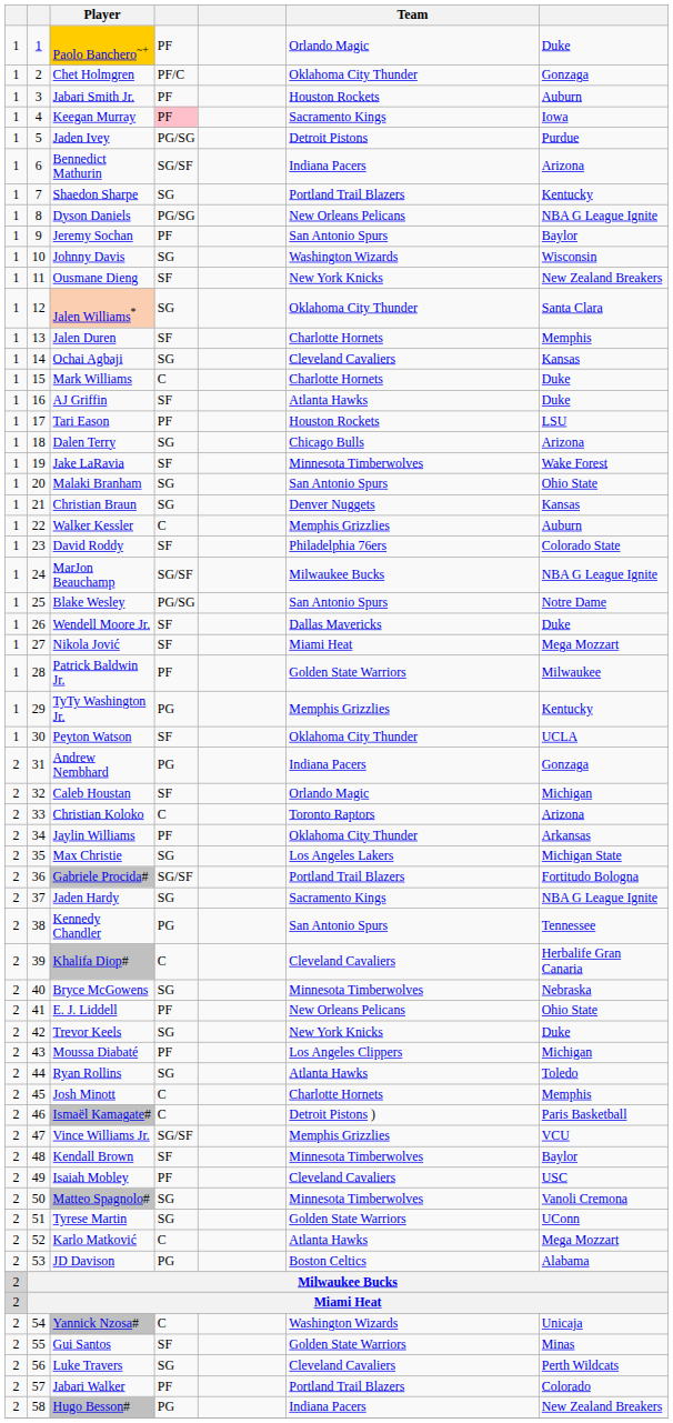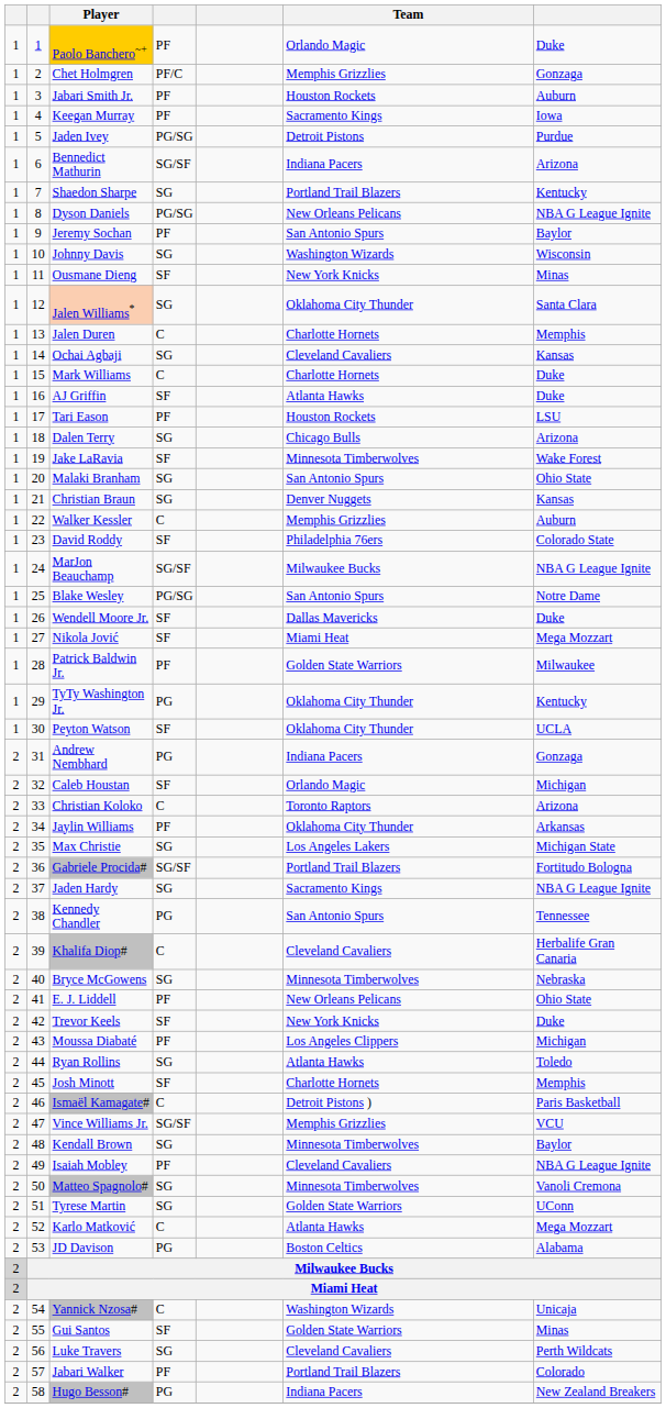 <table class="wikitable sortable plainrowheaders" style="text-align:left">
 <tr>
 <th scope="col" style="width:20px;"></th>
 <th scope="col" style="width:20px;"></th>
 <th scope="col" style="width:120px;">Player</th>
 <th scope="col" style="width:20px;"></th>
 <th scope="col" style="width:100px;"></th>
 <th scope="col" style="width:300px;">Team</th>
 <th scope="col" style="width:150px;"></th>
 </tr>
 <tr>
 <td style="text-align:center;">1</td>
 <td style="text-align:center;"><a href='#'>1</a></td>
 <td bgcolor="#FFCC00"><br><a href='#'>Paolo Banchero</a><sup>~+</sup></td>
 <td>PF</td>
 <td></td>
 <td><a href='#'>Orlando Magic</a></td>
 <td><a href='#'>Duke</a> </td>
 </tr>
 <tr>
 <td style="text-align:center;">1</td>
 <td style="text-align:center;">2</td>
 <td><a href='#'>Chet Holmgren</a></td>
 <td>PF/C</td>
 <td></td>
-<td><a href='#'>Oklahoma City Thunder</a></td>
+<td><a href='#'>Memphis Grizzlies</a> </td>
 <td><a href='#'>Gonzaga</a> </td>
 </tr>
 <tr>
 <td style="text-align:center;">1</td>
 <td style="text-align:center;">3</td>
 <td><a href='#'>Jabari Smith Jr.</a></td>
 <td>PF</td>
 <td></td>
 <td><a href='#'>Houston Rockets</a></td>
 <td><a href='#'>Auburn</a> </td>
 </tr>
 <tr>
 <td style="text-align:center;">1</td>
 <td style="text-align:center;">4</td>
 <td><a href='#'>Keegan Murray</a></td>
-<td style="background: pink;">PF</td>
+<td>PF</td>
 <td></td>
 <td><a href='#'>Sacramento Kings</a></td>
 <td><a href='#'>Iowa</a> </td>
 </tr>
 <tr>
 <td style="text-align:center;">1</td>
 <td style="text-align:center;">5</td>
 <td><a href='#'>Jaden Ivey</a></td>
 <td>PG/SG</td>
 <td></td>
 <td><a href='#'>Detroit Pistons</a></td>
 <td><a href='#'>Purdue</a> </td>
 </tr>
 <tr>
 <td style="text-align:center;">1</td>
 <td style="text-align:center;">6</td>
 <td><a href='#'>Bennedict Mathurin</a></td>
 <td>SG/SF</td>
 <td></td>
 <td><a href='#'>Indiana Pacers</a></td>
 <td><a href='#'>Arizona</a> </td>
 </tr>
 <tr>
 <td style="text-align:center;">1</td>
 <td style="text-align:center;">7</td>
 <td><a href='#'>Shaedon Sharpe</a></td>
 <td>SG</td>
 <td></td>
 <td><a href='#'>Portland Trail Blazers</a></td>
 <td><a href='#'>Kentucky</a> </td>
 </tr>
 <tr>
 <td style="text-align:center;">1</td>
 <td style="text-align:center;">8</td>
 <td><a href='#'>Dyson Daniels</a></td>
 <td>PG/SG</td>
 <td></td>
 <td><a href='#'>New Orleans Pelicans</a> </td>
 <td><a href='#'>NBA G League Ignite</a> </td>
 </tr>
 <tr>
 <td style="text-align:center;">1</td>
 <td style="text-align:center;">9</td>
 <td><a href='#'>Jeremy Sochan</a></td>
 <td>PF</td>
 <td></td>
 <td><a href='#'>San Antonio Spurs</a></td>
 <td><a href='#'>Baylor</a> </td>
 </tr>
 <tr>
 <td style="text-align:center;">1</td>
 <td style="text-align:center;">10</td>
 <td><a href='#'>Johnny Davis</a></td>
 <td>SG</td>
 <td></td>
 <td><a href='#'>Washington Wizards</a></td>
 <td><a href='#'>Wisconsin</a> </td>
 </tr>
 <tr>
 <td style="text-align:center;">1</td>
 <td style="text-align:center;">11</td>
 <td><a href='#'>Ousmane Dieng</a></td>
 <td>SF</td>
 <td></td>
 <td><a href='#'>New York Knicks</a> </td>
-<td><a href='#'>New Zealand Breakers</a> </td>
+<td><a href='#'>Minas</a> </td>
 </tr>
 <tr>
 <td style="text-align:center;">1</td>
 <td style="text-align:center;">12</td>
 <td bgcolor="#FBCEB1"><br><a href='#'>Jalen Williams</a><sup>*</sup></td>
 <td>SG</td>
 <td></td>
 <td><a href='#'>Oklahoma City Thunder</a> </td>
 <td><a href='#'>Santa Clara</a> </td>
 </tr>
 <tr>
 <td style="text-align:center;">1</td>
 <td style="text-align:center;">13</td>
 <td><a href='#'>Jalen Duren</a></td>
-<td>SF</td>
+<td>C</td>
 <td></td>
 <td><a href='#'>Charlotte Hornets</a> </td>
 <td><a href='#'>Memphis</a> </td>
 </tr>
 <tr>
 <td style="text-align:center;">1</td>
 <td style="text-align:center;">14</td>
 <td><a href='#'>Ochai Agbaji</a></td>
 <td>SG</td>
 <td></td>
 <td><a href='#'>Cleveland Cavaliers</a></td>
 <td><a href='#'>Kansas</a> </td>
 </tr>
 <tr>
 <td style="text-align:center;">1</td>
 <td style="text-align:center;">15</td>
 <td><a href='#'>Mark Williams</a></td>
 <td>C</td>
 <td></td>
 <td><a href='#'>Charlotte Hornets</a> </td>
 <td><a href='#'>Duke</a> </td>
 </tr>
 <tr>
 <td style="text-align:center;">1</td>
 <td style="text-align:center;">16</td>
 <td><a href='#'>AJ Griffin</a></td>
 <td>SF</td>
 <td></td>
 <td><a href='#'>Atlanta Hawks</a></td>
 <td><a href='#'>Duke</a> </td>
 </tr>
 <tr>
 <td style="text-align:center;">1</td>
 <td style="text-align:center;">17</td>
 <td><a href='#'>Tari Eason</a></td>
 <td>PF</td>
 <td></td>
 <td><a href='#'>Houston Rockets</a> </td>
 <td><a href='#'>LSU</a> </td>
 </tr>
 <tr>
 <td style="text-align:center;">1</td>
 <td style="text-align:center;">18</td>
 <td><a href='#'>Dalen Terry</a></td>
 <td>SG</td>
 <td></td>
 <td><a href='#'>Chicago Bulls</a></td>
 <td><a href='#'>Arizona</a> </td>
 </tr>
 <tr>
 <td style="text-align:center;">1</td>
 <td style="text-align:center;">19</td>
 <td><a href='#'>Jake LaRavia</a></td>
 <td>SF</td>
 <td></td>
 <td><a href='#'>Minnesota Timberwolves</a> </td>
 <td><a href='#'>Wake Forest</a> </td>
 </tr>
 <tr>
 <td style="text-align:center;">1</td>
 <td style="text-align:center;">20</td>
 <td><a href='#'>Malaki Branham</a></td>
 <td>SG</td>
 <td></td>
 <td><a href='#'>San Antonio Spurs</a> </td>
 <td><a href='#'>Ohio State</a> </td>
 </tr>
 <tr>
 <td style="text-align:center;">1</td>
 <td style="text-align:center;">21</td>
 <td><a href='#'>Christian Braun</a></td>
 <td>SG</td>
 <td></td>
 <td><a href='#'>Denver Nuggets</a></td>
 <td><a href='#'>Kansas</a> </td>
 </tr>
 <tr>
 <td style="text-align:center;">1</td>
 <td style="text-align:center;">22</td>
 <td><a href='#'>Walker Kessler</a></td>
 <td>C</td>
 <td></td>
 <td><a href='#'>Memphis Grizzlies</a> </td>
 <td><a href='#'>Auburn</a> </td>
 </tr>
 <tr>
 <td style="text-align:center;">1</td>
 <td style="text-align:center;">23</td>
 <td><a href='#'>David Roddy</a></td>
 <td>SF</td>
 <td></td>
 <td><a href='#'>Philadelphia 76ers</a> </td>
 <td><a href='#'>Colorado State</a> </td>
 </tr>
 <tr>
 <td style="text-align:center;">1</td>
 <td style="text-align:center;">24</td>
 <td><a href='#'>MarJon Beauchamp</a></td>
 <td>SG/SF</td>
 <td></td>
 <td><a href='#'>Milwaukee Bucks</a> </td>
 <td><a href='#'>NBA G League Ignite</a> </td>
 </tr>
 <tr>
 <td style="text-align:center;">1</td>
 <td style="text-align:center;">25</td>
 <td><a href='#'>Blake Wesley</a></td>
 <td>PG/SG</td>
 <td></td>
 <td><a href='#'>San Antonio Spurs</a> </td>
 <td><a href='#'>Notre Dame</a> </td>
 </tr>
 <tr>
 <td style="text-align:center;">1</td>
 <td style="text-align:center;">26</td>
 <td><a href='#'>Wendell Moore Jr.</a></td>
 <td>SF</td>
 <td></td>
 <td><a href='#'>Dallas Mavericks</a> </td>
 <td><a href='#'>Duke</a> </td>
 </tr>
 <tr>
 <td style="text-align:center;">1</td>
 <td style="text-align:center;">27</td>
 <td><a href='#'>Nikola Jović</a></td>
 <td>SF</td>
 <td></td>
 <td><a href='#'>Miami Heat</a></td>
 <td><a href='#'>Mega Mozzart</a> </td>
 </tr>
 <tr>
 <td style="text-align:center;">1</td>
 <td style="text-align:center;">28</td>
 <td><a href='#'>Patrick Baldwin Jr.</a></td>
 <td>PF</td>
 <td></td>
 <td><a href='#'>Golden State Warriors</a></td>
 <td><a href='#'>Milwaukee</a> </td>
 </tr>
 <tr>
 <td style="text-align:center;">1</td>
 <td style="text-align:center;">29</td>
 <td><a href='#'>TyTy Washington Jr.</a></td>
 <td>PG</td>
 <td></td>
-<td><a href='#'>Memphis Grizzlies</a> </td>
+<td><a href='#'>Oklahoma City Thunder</a></td>
 <td><a href='#'>Kentucky</a> </td>
 </tr>
 <tr>
 <td style="text-align:center;">1</td>
 <td style="text-align:center;">30</td>
 <td><a href='#'>Peyton Watson</a></td>
 <td>SF</td>
 <td></td>
 <td><a href='#'>Oklahoma City Thunder</a> </td>
 <td><a href='#'>UCLA</a> </td>
 </tr>
 <tr>
 <td style="text-align:center;">2</td>
 <td style="text-align:center;">31</td>
 <td><a href='#'>Andrew Nembhard</a></td>
 <td>PG</td>
 <td></td>
 <td><a href='#'>Indiana Pacers</a> </td>
 <td><a href='#'>Gonzaga</a> </td>
 </tr>
 <tr>
 <td style="text-align:center;">2</td>
 <td style="text-align:center;">32</td>
 <td><a href='#'>Caleb Houstan</a></td>
 <td>SF</td>
 <td></td>
 <td><a href='#'>Orlando Magic</a></td>
 <td><a href='#'>Michigan</a> </td>
 </tr>
 <tr>
 <td style="text-align:center;">2</td>
 <td style="text-align:center;">33</td>
 <td><a href='#'>Christian Koloko</a></td>
 <td>C</td>
 <td></td>
 <td><a href='#'>Toronto Raptors</a> </td>
 <td><a href='#'>Arizona</a> </td>
 </tr>
 <tr>
 <td style="text-align:center;">2</td>
 <td style="text-align:center;">34</td>
 <td><a href='#'>Jaylin Williams</a></td>
 <td>PF</td>
 <td></td>
 <td><a href='#'>Oklahoma City Thunder</a></td>
 <td><a href='#'>Arkansas</a> </td>
 </tr>
 <tr>
 <td style="text-align:center;">2</td>
 <td style="text-align:center;">35</td>
 <td><a href='#'>Max Christie</a></td>
 <td>SG</td>
 <td></td>
 <td><a href='#'>Los Angeles Lakers</a> </td>
 <td><a href='#'>Michigan State</a> </td>
 </tr>
 <tr>
 <td style="text-align:center;">2</td>
 <td style="text-align:center;">36</td>
 <td bgcolor="C0C0C0"><a href='#'>Gabriele Procida</a>#</td>
 <td>SG/SF</td>
 <td></td>
 <td><a href='#'>Portland Trail Blazers</a> </td>
 <td><a href='#'>Fortitudo Bologna</a> </td>
 </tr>
 <tr>
 <td style="text-align:center;">2</td>
 <td style="text-align:center;">37</td>
 <td><a href='#'>Jaden Hardy</a></td>
 <td>SG</td>
 <td></td>
 <td><a href='#'>Sacramento Kings</a> </td>
 <td><a href='#'>NBA G League Ignite</a> </td>
 </tr>
 <tr>
 <td style="text-align:center;">2</td>
 <td style="text-align:center;">38</td>
 <td><a href='#'>Kennedy Chandler</a></td>
 <td>PG</td>
 <td></td>
 <td><a href='#'>San Antonio Spurs</a> </td>
 <td><a href='#'>Tennessee</a> </td>
 </tr>
 <tr>
 <td style="text-align:center;">2</td>
 <td style="text-align:center;">39</td>
 <td bgcolor="C0C0C0"><a href='#'>Khalifa Diop</a>#</td>
 <td>C</td>
 <td></td>
 <td><a href='#'>Cleveland Cavaliers</a> </td>
 <td><a href='#'>Herbalife Gran Canaria</a> </td>
 </tr>
 <tr>
 <td style="text-align:center;">2</td>
 <td style="text-align:center;">40</td>
 <td><a href='#'>Bryce McGowens</a></td>
 <td>SG</td>
 <td></td>
 <td><a href='#'>Minnesota Timberwolves</a> </td>
 <td><a href='#'>Nebraska</a> </td>
 </tr>
 <tr>
 <td style="text-align:center;">2</td>
 <td style="text-align:center;">41</td>
 <td><a href='#'>E. J. Liddell</a></td>
 <td>PF</td>
 <td></td>
 <td><a href='#'>New Orleans Pelicans</a></td>
 <td><a href='#'>Ohio State</a> </td>
 </tr>
 <tr>
 <td style="text-align:center;">2</td>
 <td style="text-align:center;">42</td>
 <td><a href='#'>Trevor Keels</a></td>
-<td>SG</td>
+<td>SF</td>
 <td></td>
 <td><a href='#'>New York Knicks</a></td>
 <td><a href='#'>Duke</a> </td>
 </tr>
 <tr>
 <td style="text-align:center;">2</td>
 <td style="text-align:center;">43</td>
 <td><a href='#'>Moussa Diabaté</a></td>
 <td>PF</td>
 <td></td>
 <td><a href='#'>Los Angeles Clippers</a></td>
 <td><a href='#'>Michigan</a> </td>
 </tr>
 <tr>
 <td style="text-align:center;">2</td>
 <td style="text-align:center;">44</td>
 <td><a href='#'>Ryan Rollins</a></td>
 <td>SG</td>
 <td></td>
 <td><a href='#'>Atlanta Hawks</a> </td>
 <td><a href='#'>Toledo</a> </td>
 </tr>
 <tr>
 <td style="text-align:center;">2</td>
 <td style="text-align:center;">45</td>
 <td><a href='#'>Josh Minott</a></td>
-<td>C</td>
+<td>SF</td>
 <td></td>
 <td><a href='#'>Charlotte Hornets</a> </td>
 <td><a href='#'>Memphis</a> </td>
 </tr>
 <tr>
 <td style="text-align:center;">2</td>
 <td style="text-align:center;">46</td>
 <td bgcolor="C0C0C0"><a href='#'>Ismaël Kamagate</a>#</td>
 <td>C</td>
 <td></td>
 <td><a href='#'>Detroit Pistons</a> )</td>
 <td><a href='#'>Paris Basketball</a> </td>
 </tr>
 <tr>
 <td style="text-align:center;">2</td>
 <td style="text-align:center;">47</td>
 <td><a href='#'>Vince Williams Jr.</a></td>
 <td>SG/SF</td>
 <td></td>
 <td><a href='#'>Memphis Grizzlies</a> </td>
 <td><a href='#'>VCU</a> </td>
 </tr>
 <tr>
 <td style="text-align:center;">2</td>
 <td style="text-align:center;">48</td>
 <td><a href='#'>Kendall Brown</a></td>
-<td>SF</td>
+<td>SG</td>
 <td></td>
 <td><a href='#'>Minnesota Timberwolves</a> </td>
 <td><a href='#'>Baylor</a> </td>
 </tr>
 <tr>
 <td style="text-align:center;">2</td>
 <td style="text-align:center;">49</td>
 <td><a href='#'>Isaiah Mobley</a></td>
 <td>PF</td>
 <td></td>
 <td><a href='#'>Cleveland Cavaliers</a> </td>
-<td><a href='#'>USC</a> </td>
+<td><a href='#'>NBA G League Ignite</a> </td>
 </tr>
 <tr>
 <td style="text-align:center;">2</td>
 <td style="text-align:center;">50</td>
 <td bgcolor="C0C0C0"><a href='#'>Matteo Spagnolo</a>#</td>
 <td>SG</td>
 <td></td>
 <td><a href='#'>Minnesota Timberwolves</a> </td>
 <td><a href='#'>Vanoli Cremona</a> </td>
 </tr>
 <tr>
 <td style="text-align:center;">2</td>
 <td style="text-align:center;">51</td>
 <td><a href='#'>Tyrese Martin</a></td>
 <td>SG</td>
 <td></td>
 <td><a href='#'>Golden State Warriors</a> </td>
 <td><a href='#'>UConn</a> </td>
 </tr>
 <tr>
 <td style="text-align:center;">2</td>
 <td style="text-align:center;">52</td>
 <td><a href='#'>Karlo Matković</a></td>
 <td>C</td>
 <td></td>
 <td><a href='#'>Atlanta Hawks</a></td>
 <td><a href='#'>Mega Mozzart</a> </td>
 </tr>
 <tr>
 <td style="text-align:center;">2</td>
 <td style="text-align:center;">53</td>
 <td><a href='#'>JD Davison</a></td>
 <td>PG</td>
 <td></td>
 <td><a href='#'>Boston Celtics</a></td>
 <td><a href='#'>Alabama</a> </td>
 </tr>
 <tr bgcolor="lightgray">
 <td style="text-align:center;">2 </td>
 <th scope="row" colspan="6" style="text-align:center;”"><a href='#'>Milwaukee Bucks</a> </th>
 </tr>
 <tr bgcolor="lightgray">
 <td style="text-align:center;">2 </td>
 <th scope="row" colspan="6" style="text-align:center;”"><a href='#'>Miami Heat</a> </th>
 </tr>
 <tr>
 <td style="text-align:center;">2</td>
 <td style="text-align:center;">54</td>
 <td bgcolor="C0C0C0"><a href='#'>Yannick Nzosa</a>#</td>
 <td>C</td>
 <td></td>
 <td><a href='#'>Washington Wizards</a> </td>
 <td><a href='#'>Unicaja</a> </td>
 </tr>
 <tr>
 <td style="text-align:center;">2</td>
 <td style="text-align:center;">55</td>
 <td><a href='#'>Gui Santos</a></td>
 <td>SF</td>
 <td></td>
 <td><a href='#'>Golden State Warriors</a></td>
 <td><a href='#'>Minas</a> </td>
 </tr>
 <tr>
 <td style="text-align:center;">2</td>
 <td style="text-align:center;">56</td>
 <td><a href='#'>Luke Travers</a></td>
 <td>SG</td>
 <td></td>
 <td><a href='#'>Cleveland Cavaliers</a> </td>
 <td><a href='#'>Perth Wildcats</a> </td>
 </tr>
 <tr>
 <td style="text-align:center;">2</td>
 <td style="text-align:center;">57</td>
 <td><a href='#'>Jabari Walker</a></td>
 <td>PF</td>
 <td></td>
 <td><a href='#'>Portland Trail Blazers</a> </td>
 <td><a href='#'>Colorado</a> </td>
 </tr>
 <tr>
 <td style="text-align:center;">2</td>
 <td style="text-align:center;">58</td>
 <td bgcolor="C0C0C0"><a href='#'>Hugo Besson</a>#</td>
 <td>PG</td>
 <td></td>
 <td><a href='#'>Indiana Pacers</a> </td>
 <td><a href='#'>New Zealand Breakers</a> </td>
 </tr>
 <tr bgcolor="lightgray">
 </tr>
 </table>
